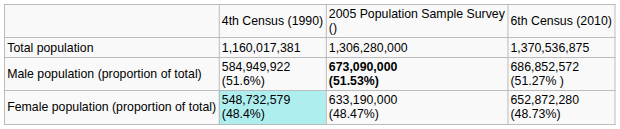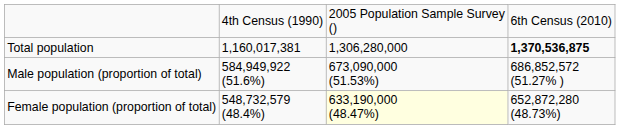 <table class="wikitable">
 <tr>
 <td></td>
 <td>4th Census (1990)</td>
 <td>2005 Population Sample Survey<br>()</td>
 <td>6th Census (2010)</td>
 </tr>
 <tr>
 <td>Total population</td>
 <td>1,160,017,381</td>
 <td>1,306,280,000</td>
-<td>1,370,536,875</td>
+<td><strong>1,370,536,875</strong></td>
 </tr>
 <tr>
 <td>Male population (proportion of total)</td>
 <td>584,949,922<br>(51.6%)</td>
-<td><strong>673,090,000<br>(51.53%)</strong></td>
+<td>673,090,000<br>(51.53%)</td>
 <td>686,852,572<br>(51.27% )</td>
 </tr>
 <tr>
 <td>Female population (proportion of total)</td>
-<td style="background: paleturquoise;">548,732,579<br>(48.4%)</td>
-<td>633,190,000<br>(48.47%)</td>
+<td>548,732,579<br>(48.4%)</td>
+<td style="background: lightyellow;">633,190,000<br>(48.47%)</td>
 <td>652,872,280<br>(48.73%)</td>
 </tr>
 </table>
